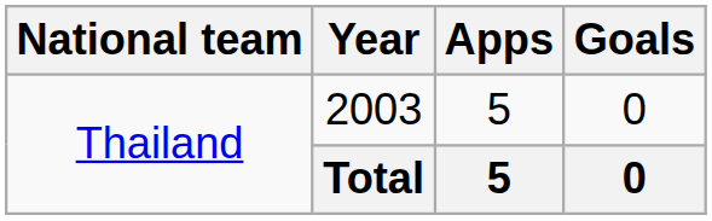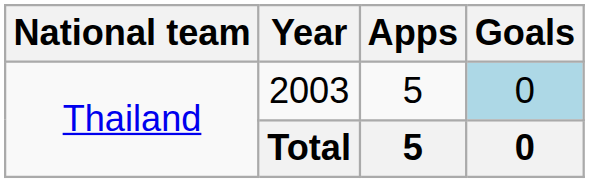 <table class="wikitable" style="text-align:center">
 <tr>
 <th>National team</th>
 <th>Year</th>
 <th>Apps</th>
 <th>Goals</th>
 </tr>
 <tr>
 <td rowspan="2" valign="center"><a href='#'>Thailand</a></td>
 <td>2003</td>
 <td>5</td>
-<td>0</td>
+<td style="background: lightblue;">0</td>
 </tr>
 <tr>
 <th>Total</th>
 <th>5</th>
 <th>0</th>
 </tr>
 </table>
